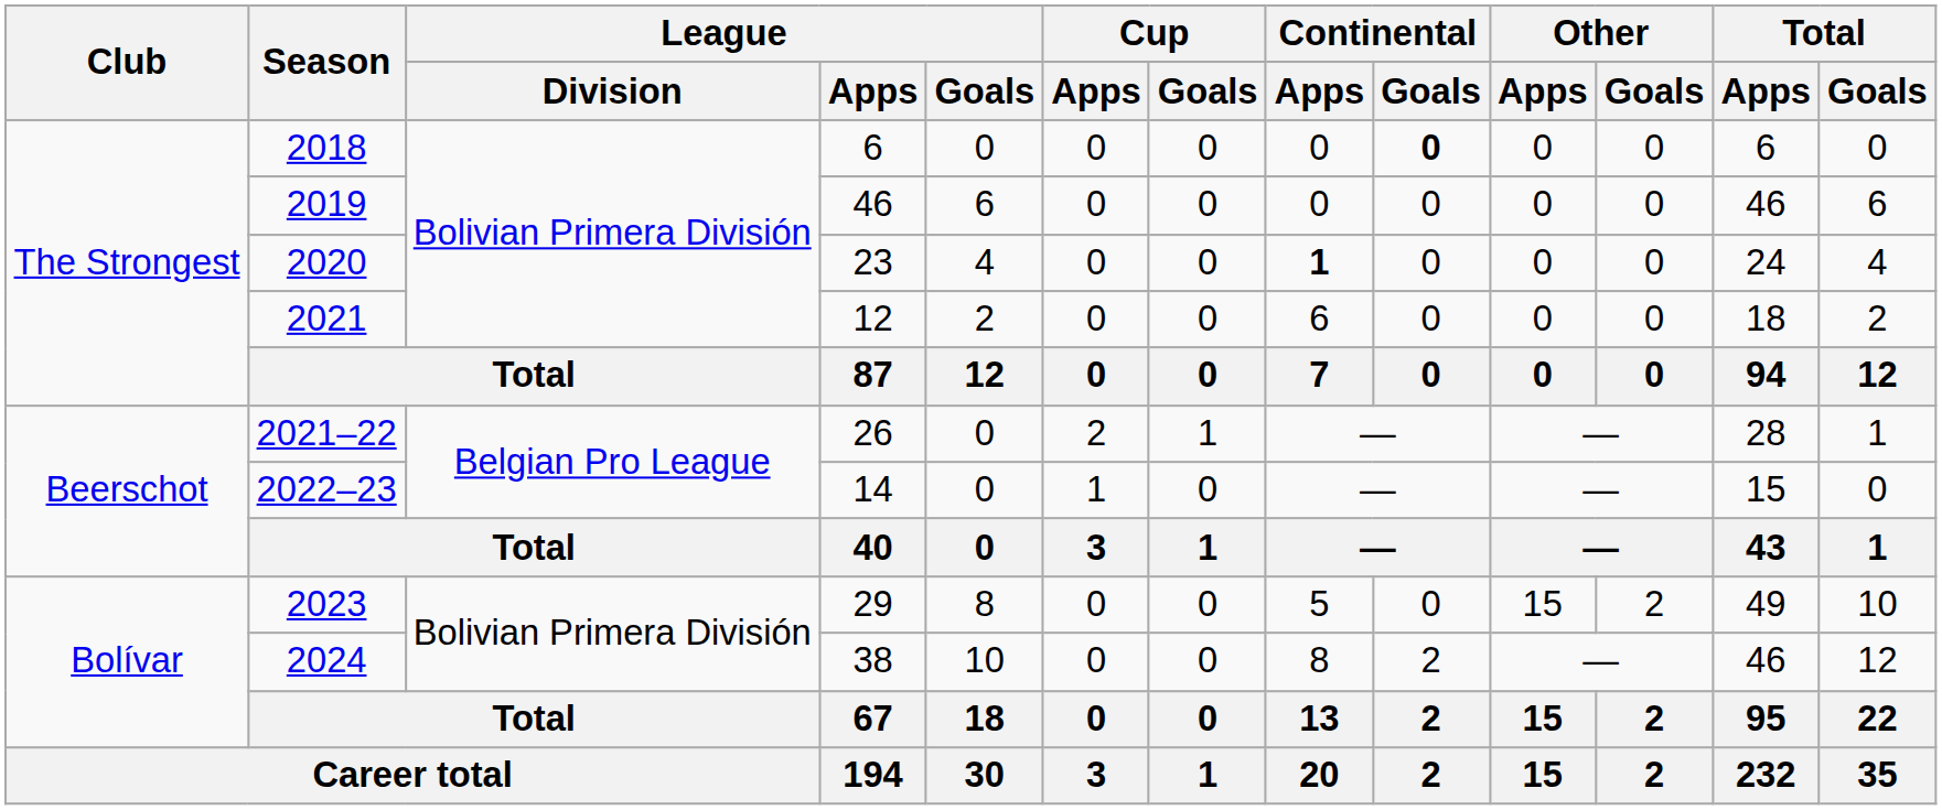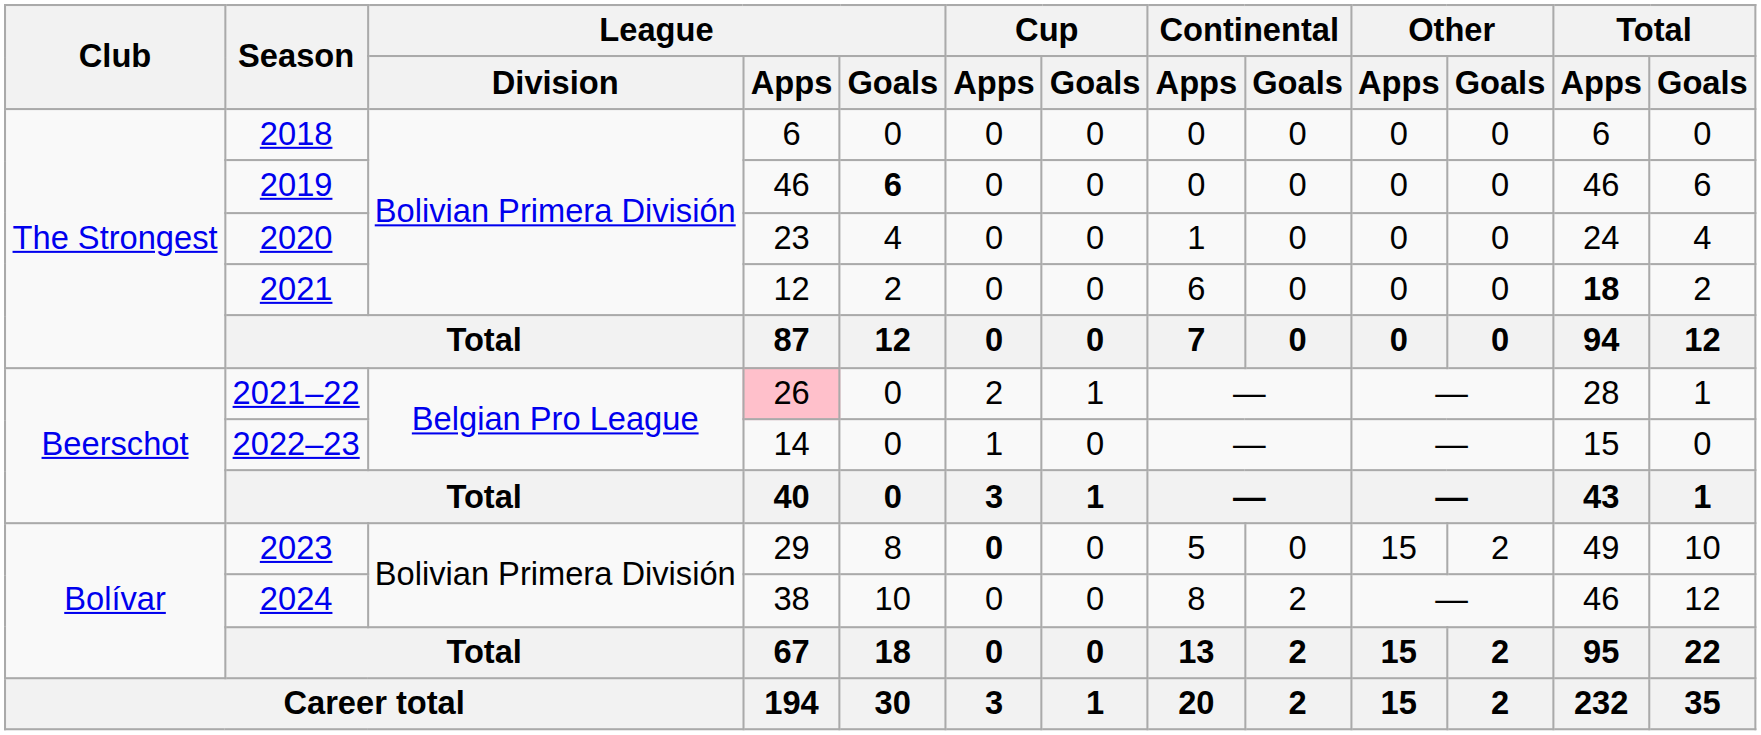 <table class="wikitable" style="text-align:center">
 <tr>
 <th rowspan="2">Club</th>
 <th rowspan="2">Season</th>
 <th colspan="3">League</th>
 <th colspan="2">Cup</th>
 <th colspan="2">Continental</th>
 <th colspan="2">Other</th>
 <th colspan="2">Total</th>
 </tr>
 <tr>
 <th>Division</th>
 <th>Apps</th>
 <th>Goals</th>
 <th>Apps</th>
 <th>Goals</th>
 <th>Apps</th>
 <th>Goals</th>
 <th>Apps</th>
 <th>Goals</th>
 <th>Apps</th>
 <th>Goals</th>
 </tr>
 <tr>
 <td rowspan="5"><a href='#'>The Strongest</a></td>
 <td><a href='#'>2018</a></td>
 <td rowspan="4"><a href='#'>Bolivian Primera División</a></td>
 <td>6</td>
 <td>0</td>
 <td>0</td>
 <td>0</td>
 <td>0</td>
-<td><strong>0</strong></td>
+<td>0</td>
 <td>0</td>
 <td>0</td>
 <td>6</td>
 <td>0</td>
 </tr>
 <tr>
 <td><a href='#'>2019</a></td>
 <td>46</td>
-<td>6</td>
+<td><strong>6</strong></td>
 <td>0</td>
 <td>0</td>
 <td>0</td>
 <td>0</td>
 <td>0</td>
 <td>0</td>
 <td>46</td>
 <td>6</td>
 </tr>
 <tr>
 <td><a href='#'>2020</a></td>
 <td>23</td>
 <td>4</td>
 <td>0</td>
 <td>0</td>
-<td><strong>1</strong></td>
+<td>1</td>
 <td>0</td>
 <td>0</td>
 <td>0</td>
 <td>24</td>
 <td>4</td>
 </tr>
 <tr>
 <td><a href='#'>2021</a></td>
 <td>12</td>
 <td>2</td>
 <td>0</td>
 <td>0</td>
 <td>6</td>
 <td>0</td>
 <td>0</td>
 <td>0</td>
-<td>18</td>
+<td><strong>18</strong></td>
 <td>2</td>
 </tr>
 <tr>
 <th colspan="2">Total</th>
 <th>87</th>
 <th>12</th>
 <th>0</th>
 <th>0</th>
 <th>7</th>
 <th>0</th>
 <th>0</th>
 <th>0</th>
 <th>94</th>
 <th>12</th>
 </tr>
 <tr>
 <td rowspan="3"><a href='#'>Beerschot</a></td>
 <td><a href='#'>2021–22</a></td>
 <td rowspan="2"><a href='#'>Belgian Pro League</a></td>
-<td>26</td>
+<td style="background: pink;">26</td>
 <td>0</td>
 <td>2</td>
 <td>1</td>
 <td colspan="2">—</td>
 <td colspan="2">—</td>
 <td>28</td>
 <td>1</td>
 </tr>
 <tr>
 <td><a href='#'>2022–23</a></td>
 <td>14</td>
 <td>0</td>
 <td>1</td>
 <td>0</td>
 <td colspan="2">—</td>
 <td colspan="2">—</td>
 <td>15</td>
 <td>0</td>
 </tr>
 <tr>
 <th colspan="2">Total</th>
 <th>40</th>
 <th>0</th>
 <th>3</th>
 <th>1</th>
 <th colspan="2">—</th>
 <th colspan="2">—</th>
 <th>43</th>
 <th>1</th>
 </tr>
 <tr>
 <td rowspan="3"><a href='#'>Bolívar</a></td>
 <td><a href='#'>2023</a></td>
 <td rowspan="2">Bolivian Primera División</td>
 <td>29</td>
 <td>8</td>
-<td>0</td>
+<td><strong>0</strong></td>
 <td>0</td>
 <td>5</td>
 <td>0</td>
 <td>15</td>
 <td>2</td>
 <td>49</td>
 <td>10</td>
 </tr>
 <tr>
 <td><a href='#'>2024</a></td>
 <td>38</td>
 <td>10</td>
 <td>0</td>
 <td>0</td>
 <td>8</td>
 <td>2</td>
 <td colspan="2">—</td>
 <td>46</td>
 <td>12</td>
 </tr>
 <tr>
 <th colspan="2">Total</th>
 <th>67</th>
 <th>18</th>
 <th>0</th>
 <th>0</th>
 <th>13</th>
 <th>2</th>
 <th>15</th>
 <th>2</th>
 <th>95</th>
 <th>22</th>
 </tr>
 <tr>
 <th colspan="3">Career total</th>
 <th>194</th>
 <th>30</th>
 <th>3</th>
 <th>1</th>
 <th>20</th>
 <th>2</th>
 <th>15</th>
 <th>2</th>
 <th>232</th>
 <th>35</th>
 </tr>
 </table>
